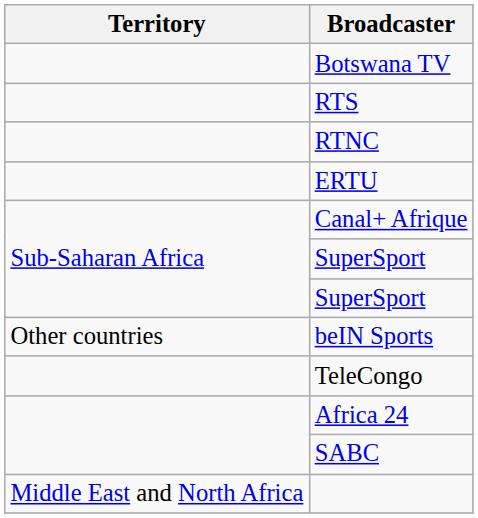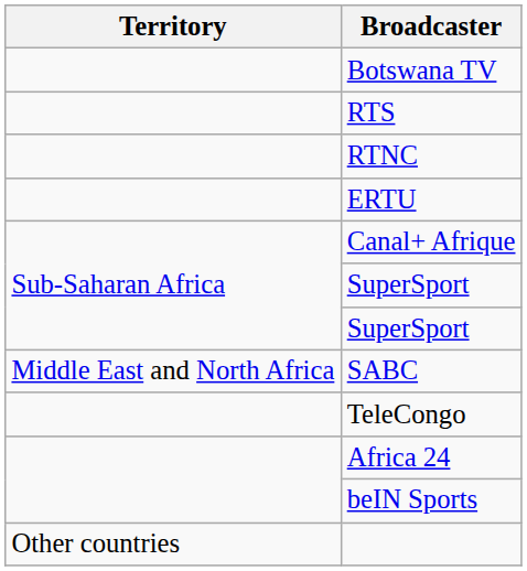 <table class="wikitable">
 <tr>
 <th>Territory</th>
 <th>Broadcaster</th>
 </tr>
 <tr>
 <td></td>
 <td><a href='#'>Botswana TV</a></td>
 </tr>
 <tr>
 <td></td>
 <td><a href='#'>RTS</a></td>
 </tr>
 <tr>
 <td></td>
 <td><a href='#'>RTNC</a></td>
 </tr>
 <tr>
 <td></td>
 <td><a href='#'>ERTU</a></td>
 </tr>
 <tr>
 <td rowspan=3><a href='#'>Sub-Saharan Africa</a></td>
 <td><a href='#'>Canal+ Afrique</a></td>
 </tr>
 <tr>
 <td><a href='#'>SuperSport</a></td>
 </tr>
 <tr>
 <td><a href='#'>SuperSport</a></td>
 </tr>
 <tr>
-<td>Other countries</td>
-<td><a href='#'>beIN Sports</a></td>
+<td> <a href='#'>Middle East</a> and <a href='#'>North Africa</a></td>
+<td><a href='#'>SABC</a></td>
 </tr>
 <tr>
 <td></td>
 <td>TeleCongo</td>
 </tr>
 <tr>
 <td rowspan=2></td>
 <td><a href='#'>Africa 24</a></td>
 </tr>
 <tr>
-<td><a href='#'>SABC</a></td>
+<td><a href='#'>beIN Sports</a></td>
 </tr>
 <tr>
-<td> <a href='#'>Middle East</a> and <a href='#'>North Africa</a></td>
+<td>Other countries</td>
 <td></td>
 </tr>
 </table>
